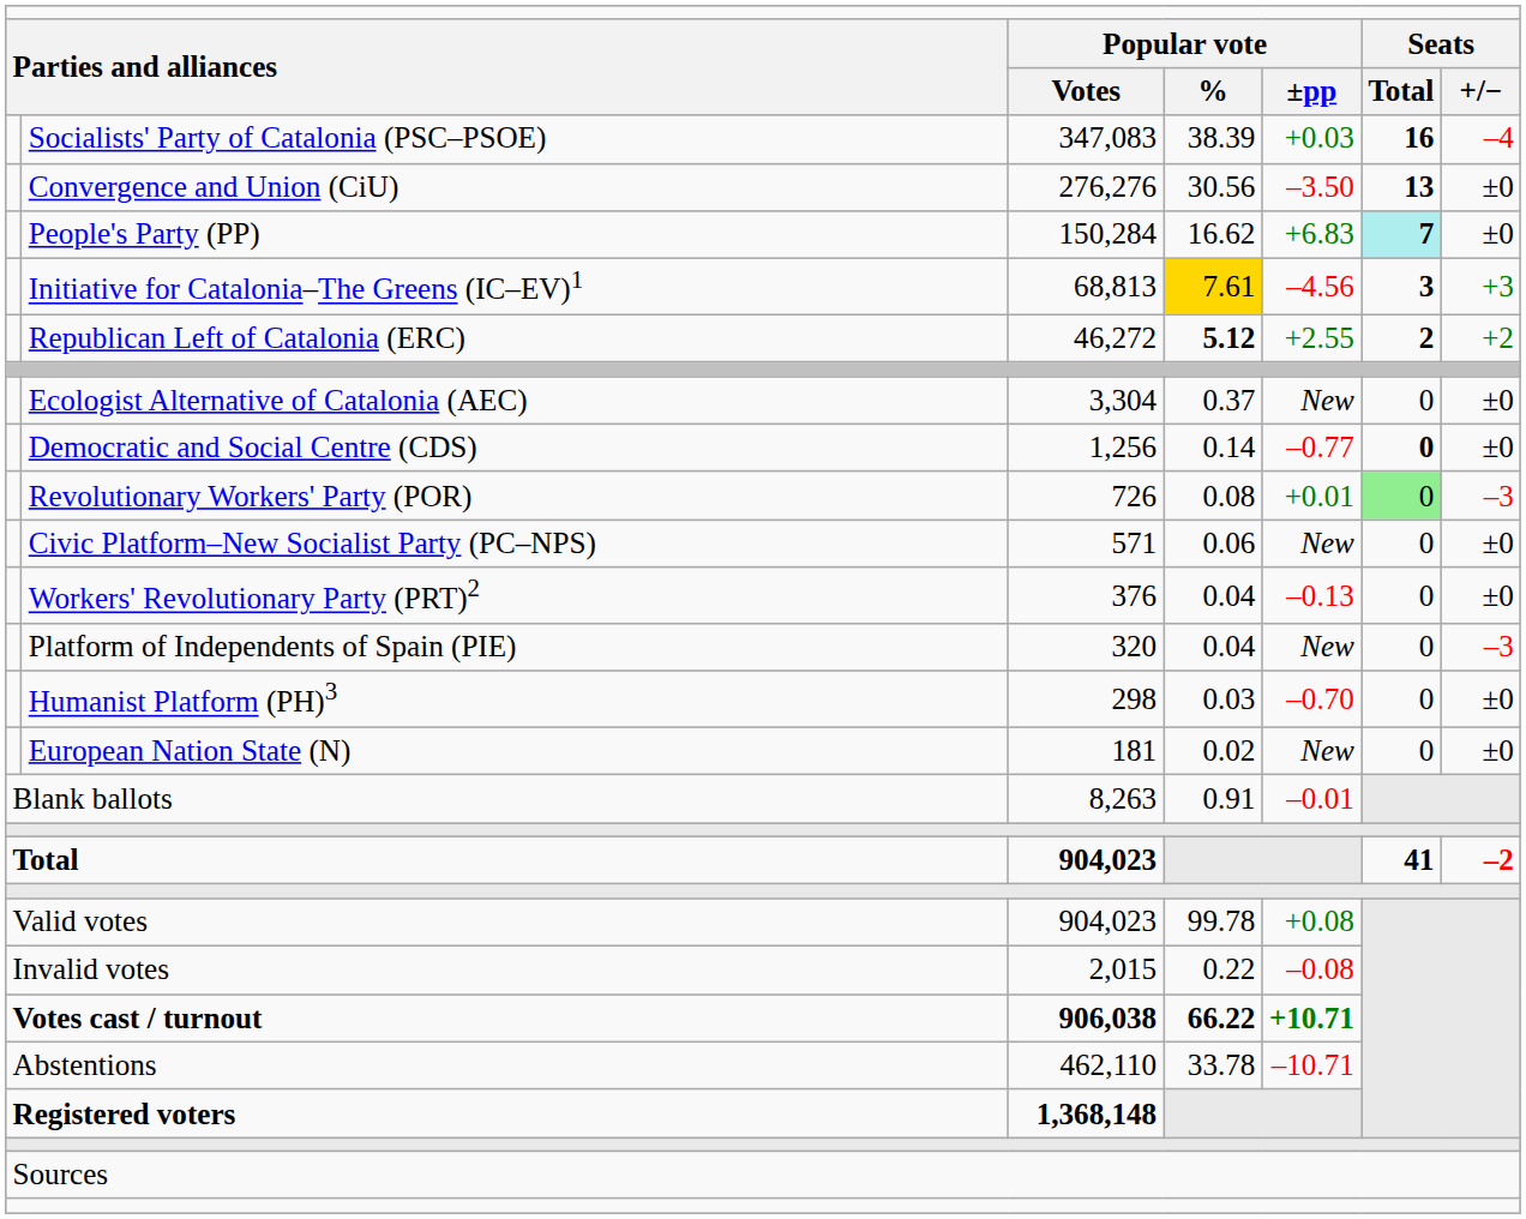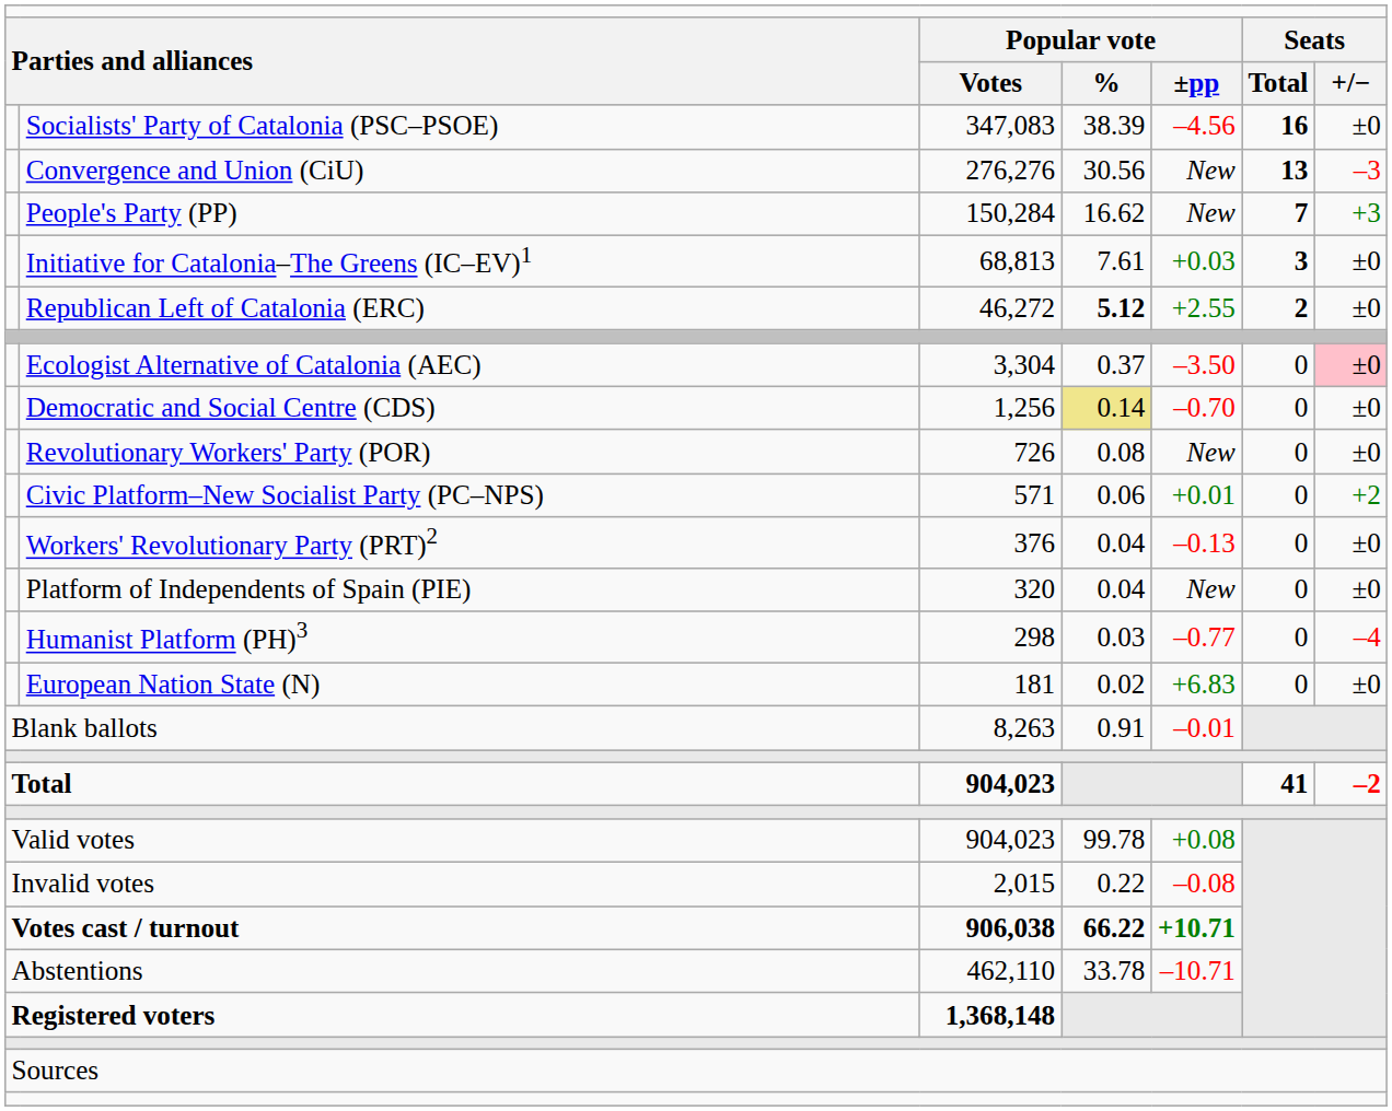 <table class="wikitable" style="text-align:right;">
 <tr>
 <td colspan="7"></td>
 </tr>
 <tr>
 <th style="text-align:left;" rowspan="2" colspan="2" width="525">Parties and alliances</th>
 <th colspan="3">Popular vote</th>
 <th colspan="2">Seats</th>
 </tr>
 <tr>
 <th width="75">Votes</th>
 <th width="45">%</th>
 <th width="45">±<a href='#'>pp</a></th>
 <th width="35">Total</th>
 <th width="35">+/−</th>
 </tr>
 <tr>
 <td width="1" style="color:inherit;background:"></td>
 <td align="left"><a href='#'>Socialists' Party of Catalonia</a> (PSC–PSOE)</td>
 <td>347,083</td>
 <td>38.39</td>
-<td style="color:green;">+0.03</td>
+<td style="color:red;">–4.56</td>
 <td><strong>16</strong></td>
-<td style="color:red;">–4</td>
+<td>±0</td>
 </tr>
 <tr>
 <td style="color:inherit;background:"></td>
 <td align="left"><a href='#'>Convergence and Union</a> (CiU)</td>
 <td>276,276</td>
 <td>30.56</td>
-<td style="color:red;">–3.50</td>
+<td><em>New</em></td>
 <td><strong>13</strong></td>
-<td>±0</td>
+<td style="color:red;">–3</td>
 </tr>
 <tr>
 <td style="color:inherit;background:"></td>
 <td align="left"><a href='#'>People's Party</a> (PP)</td>
 <td>150,284</td>
 <td>16.62</td>
-<td style="color:green;">+6.83</td>
-<td style="background: paleturquoise;"><strong>7</strong></td>
-<td>±0</td>
+<td><em>New</em></td>
+<td><strong>7</strong></td>
+<td style="color:green;">+3</td>
 </tr>
 <tr>
 <td style="color:inherit;background:"></td>
 <td align="left"><a href='#'>Initiative for Catalonia</a>–<a href='#'>The Greens</a> (IC–EV)<sup>1</sup></td>
 <td>68,813</td>
-<td style="background: gold;">7.61</td>
-<td style="color:red;">–4.56</td>
+<td>7.61</td>
+<td style="color:green;">+0.03</td>
 <td><strong>3</strong></td>
-<td style="color:green;">+3</td>
+<td>±0</td>
 </tr>
 <tr>
 <td style="color:inherit;background:"></td>
 <td align="left"><a href='#'>Republican Left of Catalonia</a> (ERC)</td>
 <td>46,272</td>
 <td><strong>5.12</strong></td>
 <td style="color:green;">+2.55</td>
 <td><strong>2</strong></td>
-<td style="color:green;">+2</td>
+<td>±0</td>
 </tr>
 <tr>
 <td colspan="7" bgcolor="#C0C0C0"></td>
 </tr>
 <tr>
 <td style="color:inherit;background:"></td>
 <td align="left"><a href='#'>Ecologist Alternative of Catalonia</a> (AEC)</td>
 <td>3,304</td>
 <td>0.37</td>
-<td><em>New</em></td>
+<td style="color:red;">–3.50</td>
 <td>0</td>
-<td>±0</td>
+<td style="background: pink;">±0</td>
 </tr>
 <tr>
 <td style="color:inherit;background:"></td>
 <td align="left"><a href='#'>Democratic and Social Centre</a> (CDS)</td>
 <td>1,256</td>
-<td>0.14</td>
-<td style="color:red;">–0.77</td>
-<td><strong>0</strong></td>
+<td style="background: khaki;">0.14</td>
+<td style="color:red;">–0.70</td>
+<td>0</td>
 <td>±0</td>
 </tr>
 <tr>
 <td style="color:inherit;background:"></td>
 <td align="left"><a href='#'>Revolutionary Workers' Party</a> (POR)</td>
 <td>726</td>
 <td>0.08</td>
-<td style="color:green;">+0.01</td>
-<td style="background: lightgreen;">0</td>
-<td style="color:red;">–3</td>
+<td><em>New</em></td>
+<td>0</td>
+<td>±0</td>
 </tr>
 <tr>
 <td style="color:inherit;background:"></td>
 <td align="left"><a href='#'>Civic Platform–New Socialist Party</a> (PC–NPS)</td>
 <td>571</td>
 <td>0.06</td>
-<td><em>New</em></td>
+<td style="color:green;">+0.01</td>
 <td>0</td>
-<td>±0</td>
+<td style="color:green;">+2</td>
 </tr>
 <tr>
 <td style="color:inherit;background:"></td>
 <td align="left"><a href='#'>Workers' Revolutionary Party</a> (PRT)<sup>2</sup></td>
 <td>376</td>
 <td>0.04</td>
 <td style="color:red;">–0.13</td>
 <td>0</td>
 <td>±0</td>
 </tr>
 <tr>
 <td style="color:inherit;background:"></td>
 <td align="left">Platform of Independents of Spain (PIE)</td>
 <td>320</td>
 <td>0.04</td>
 <td><em>New</em></td>
 <td>0</td>
-<td style="color:red;">–3</td>
+<td>±0</td>
 </tr>
 <tr>
 <td style="color:inherit;background:"></td>
 <td align="left"><a href='#'>Humanist Platform</a> (PH)<sup>3</sup></td>
 <td>298</td>
 <td>0.03</td>
-<td style="color:red;">–0.70</td>
+<td style="color:red;">–0.77</td>
 <td>0</td>
-<td>±0</td>
+<td style="color:red;">–4</td>
 </tr>
 <tr>
 <td style="color:inherit;background:"></td>
 <td align="left"><a href='#'>European Nation State</a> (N)</td>
 <td>181</td>
 <td>0.02</td>
-<td><em>New</em></td>
+<td style="color:green;">+6.83</td>
 <td>0</td>
 <td>±0</td>
 </tr>
 <tr>
 <td align="left" colspan="2">Blank ballots</td>
 <td>8,263</td>
 <td>0.91</td>
 <td style="color:red;">–0.01</td>
 <td bgcolor="#E9E9E9" colspan="2"></td>
 </tr>
 <tr>
 <td colspan="7" bgcolor="#E9E9E9"></td>
 </tr>
 <tr style="font-weight:bold;">
 <td align="left" colspan="2">Total</td>
 <td>904,023</td>
 <td bgcolor="#E9E9E9" colspan="2"></td>
 <td>41</td>
 <td style="color:red;">–2</td>
 </tr>
 <tr>
 <td colspan="7" bgcolor="#E9E9E9"></td>
 </tr>
 <tr>
 <td align="left" colspan="2">Valid votes</td>
 <td>904,023</td>
 <td>99.78</td>
 <td style="color:green;">+0.08</td>
 <td bgcolor="#E9E9E9" colspan="2" rowspan="5"></td>
 </tr>
 <tr>
 <td align="left" colspan="2">Invalid votes</td>
 <td>2,015</td>
 <td>0.22</td>
 <td style="color:red;">–0.08</td>
 </tr>
 <tr style="font-weight:bold;">
 <td align="left" colspan="2">Votes cast / turnout</td>
 <td>906,038</td>
 <td>66.22</td>
 <td style="color:green;">+10.71</td>
 </tr>
 <tr>
 <td align="left" colspan="2">Abstentions</td>
 <td>462,110</td>
 <td>33.78</td>
 <td style="color:red;">–10.71</td>
 </tr>
 <tr style="font-weight:bold;">
 <td align="left" colspan="2">Registered voters</td>
 <td>1,368,148</td>
 <td bgcolor="#E9E9E9" colspan="2"></td>
 </tr>
 <tr>
 <td colspan="7" bgcolor="#E9E9E9"></td>
 </tr>
 <tr>
 <td align="left" colspan="7">Sources</td>
 </tr>
 <tr>
 <td colspan="7" style="text-align:left; max-width:790px;"></td>
 </tr>
 </table>
